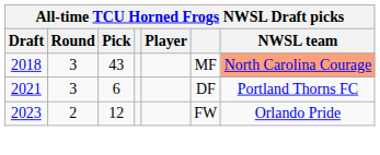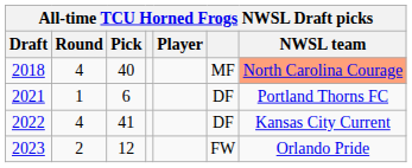 <table class="wikitable sortable" style="text-align: center;">
 <tr>
 <th colspan="7" style="background:#">All-time <a href='#'><span>TCU Horned Frogs</span></a> NWSL Draft picks</th>
 </tr>
 <tr>
 <th scope="col">Draft</th>
 <th scope="col">Round</th>
 <th scope="col">Pick</th>
 <th scope="col"></th>
 <th scope="col">Player</th>
 <th scope="col"></th>
 <th scope="col">NWSL team</th>
 </tr>
 <tr>
 <td><a href='#'>2018</a></td>
-<td>3</td>
-<td>43</td>
+<td>4</td>
+<td>40</td>
 <td></td>
 <td></td>
 <td>MF</td>
 <td style="background: lightsalmon;"><a href='#'>North Carolina Courage</a></td>
 </tr>
 <tr>
 <td><a href='#'>2021</a></td>
-<td>3</td>
+<td>1</td>
 <td>6</td>
 <td></td>
 <td></td>
 <td>DF</td>
 <td><a href='#'>Portland Thorns FC</a></td>
+</tr>
+<tr>
+<td><a href='#'>2022</a></td>
+<td>4</td>
+<td>41</td>
+<td></td>
+<td></td>
+<td>DF</td>
+<td><a href='#'>Kansas City Current</a></td>
 </tr>
 <tr>
 <td><a href='#'>2023</a></td>
 <td>2</td>
 <td>12</td>
 <td></td>
 <td></td>
 <td>FW</td>
 <td><a href='#'>Orlando Pride</a></td>
 </tr>
 </table>
